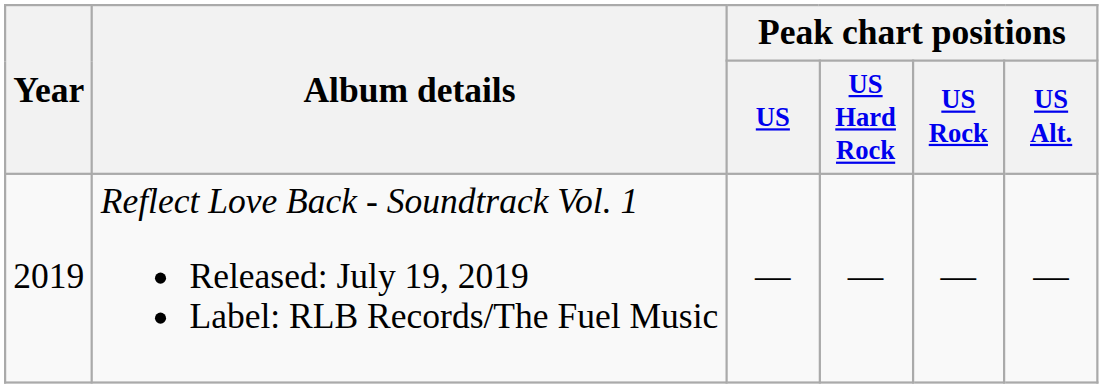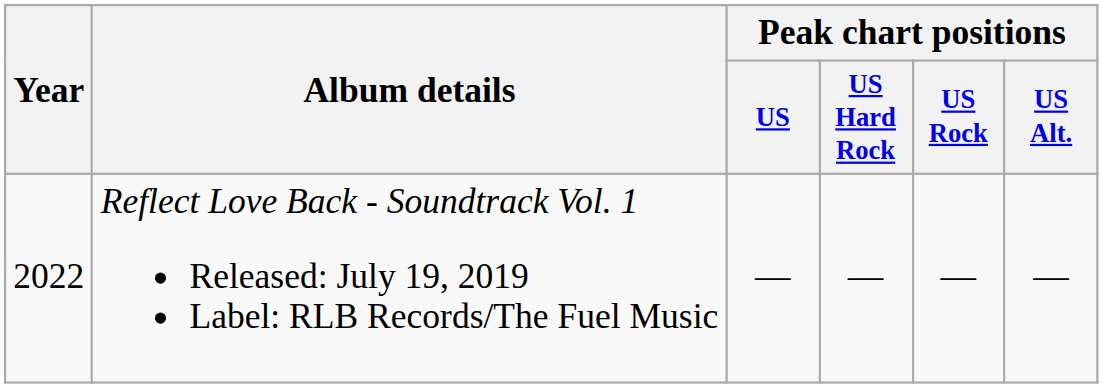 <table class="wikitable" style="text-align:center;">
 <tr>
 <th rowspan="2">Year</th>
 <th rowspan="2">Album details</th>
 <th colspan="4">Peak chart positions</th>
 </tr>
 <tr>
 <th style="width:3em;font-size:75%;"><a href='#'>US</a><br></th>
 <th style="width:3em;font-size:75%;"><a href='#'>US<br>Hard<br>Rock</a><br></th>
 <th style="width:3em;font-size:75%;"><a href='#'>US<br>Rock</a><br></th>
 <th style="width:3em;font-size:75%;"><a href='#'>US<br>Alt.</a><br></th>
 </tr>
 <tr>
-<td>2019</td>
+<td>2022</td>
 <td style="text-align:left;"><em>Reflect Love Back - Soundtrack Vol. 1</em> <br><ul><li>Released: July 19, 2019</li><li>Label: RLB Records/The Fuel Music</li></ul></td>
 <td>—</td>
 <td>—</td>
 <td>—</td>
 <td>—</td>
 </tr>
 </table>
